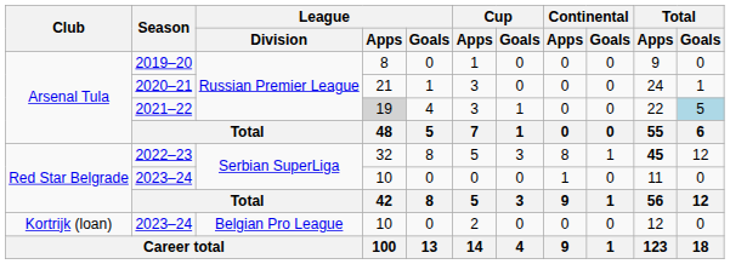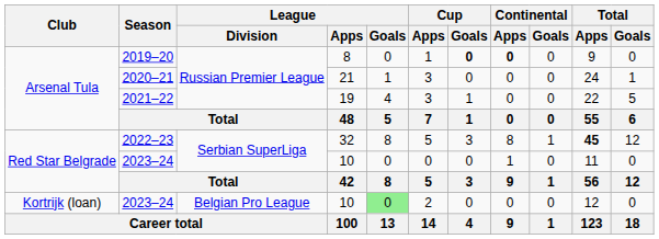 <table class="wikitable" style="text-align:center">
 <tr>
 <th rowspan="2">Club</th>
 <th rowspan="2">Season</th>
 <th colspan="3">League</th>
 <th colspan="2">Cup</th>
 <th colspan="2">Continental</th>
 <th colspan="2">Total</th>
 </tr>
 <tr>
 <th>Division</th>
 <th>Apps</th>
 <th>Goals</th>
 <th>Apps</th>
 <th>Goals</th>
 <th>Apps</th>
 <th>Goals</th>
 <th>Apps</th>
 <th>Goals</th>
 </tr>
 <tr>
 <td rowspan="4"><a href='#'>Arsenal Tula</a></td>
 <td><a href='#'>2019–20</a></td>
 <td rowspan="3"><a href='#'>Russian Premier League</a></td>
 <td>8</td>
 <td>0</td>
 <td>1</td>
-<td>0</td>
-<td>0</td>
+<td><strong>0</strong></td>
+<td><strong>0</strong></td>
 <td>0</td>
 <td>9</td>
 <td>0</td>
 </tr>
 <tr>
 <td><a href='#'>2020–21</a></td>
 <td>21</td>
 <td>1</td>
 <td>3</td>
 <td>0</td>
 <td>0</td>
 <td>0</td>
 <td>24</td>
 <td>1</td>
 </tr>
 <tr>
 <td><a href='#'>2021–22</a></td>
-<td style="background: lightgrey;">19</td>
+<td>19</td>
 <td>4</td>
 <td>3</td>
 <td>1</td>
 <td>0</td>
 <td>0</td>
 <td>22</td>
-<td style="background: lightblue;">5</td>
+<td>5</td>
 </tr>
 <tr>
 <th colspan="2">Total</th>
 <th>48</th>
 <th>5</th>
 <th>7</th>
 <th>1</th>
 <th>0</th>
 <th>0</th>
 <th>55</th>
 <th>6</th>
 </tr>
 <tr>
 <td rowspan="3"><a href='#'>Red Star Belgrade</a></td>
 <td><a href='#'>2022–23</a></td>
 <td rowspan="2"><a href='#'>Serbian SuperLiga</a></td>
 <td>32</td>
 <td>8</td>
 <td>5</td>
 <td>3</td>
 <td>8</td>
 <td>1</td>
 <td><strong>45</strong></td>
 <td>12</td>
 </tr>
 <tr>
 <td><a href='#'>2023–24</a></td>
 <td>10</td>
 <td>0</td>
 <td>0</td>
 <td>0</td>
 <td>1</td>
 <td>0</td>
 <td>11</td>
 <td>0</td>
 </tr>
 <tr>
 <th colspan="2">Total</th>
 <th>42</th>
 <th>8</th>
 <th>5</th>
 <th>3</th>
 <th>9</th>
 <th>1</th>
 <th>56</th>
 <th>12</th>
 </tr>
 <tr>
 <td><a href='#'>Kortrijk</a> (loan)</td>
 <td><a href='#'>2023–24</a></td>
 <td><a href='#'>Belgian Pro League</a></td>
 <td>10</td>
-<td>0</td>
+<td style="background: lightgreen;">0</td>
 <td>2</td>
 <td>0</td>
 <td>0</td>
 <td>0</td>
 <td>12</td>
 <td>0</td>
 </tr>
 <tr>
 <th colspan="3">Career total</th>
 <th>100</th>
 <th>13</th>
 <th>14</th>
 <th>4</th>
 <th>9</th>
 <th>1</th>
 <th>123</th>
 <th>18</th>
 </tr>
 </table>
